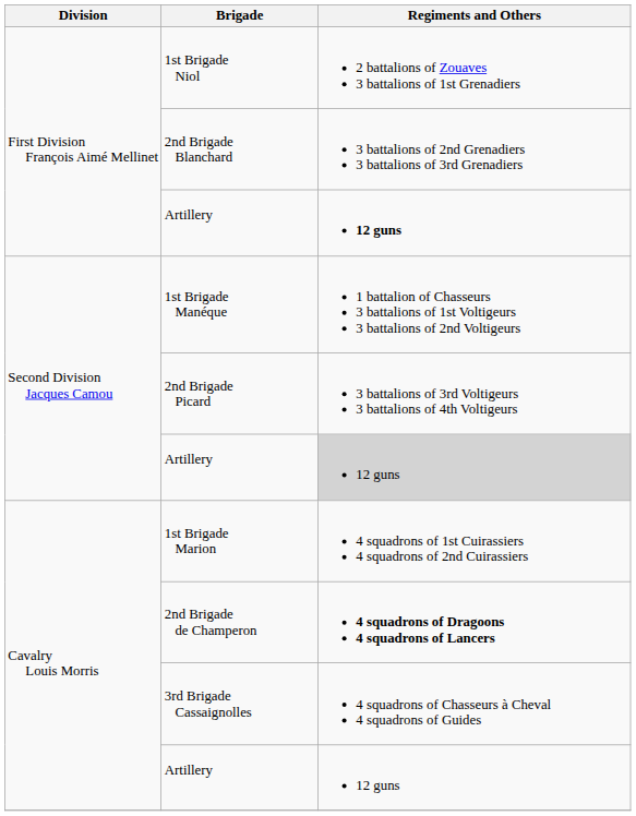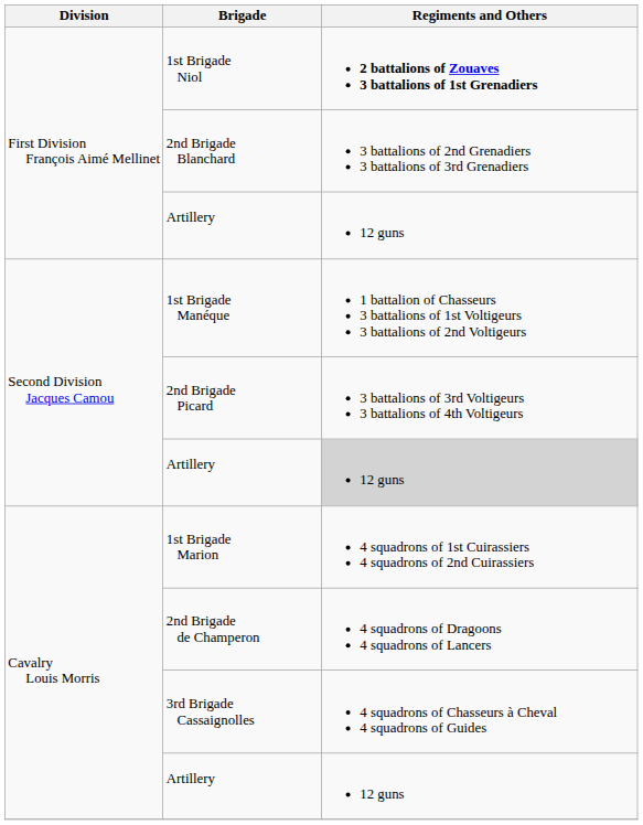 <table class="wikitable">
 <tr>
 <th width=25%>Division</th>
 <th width=25%>Brigade</th>
 <th>Regiments and Others</th>
 </tr>
 <tr>
 <td rowspan=3><br>First Division <br>     François Aimé Mellinet<br></td>
 <td>1st Brigade<br>   Niol</td>
-<td><br><ul><li>2 battalions of <a href='#'>Zouaves</a></li><li>3 battalions of 1st Grenadiers</li></ul></td>
+<td><strong><br><ul><li>2 battalions of <a href='#'>Zouaves</a></li><li>3 battalions of 1st Grenadiers</li></ul></strong></td>
 </tr>
 <tr>
 <td>2nd Brigade<br>   Blanchard</td>
 <td><br><ul><li>3 battalions of 2nd Grenadiers</li><li>3 battalions of 3rd Grenadiers</li></ul></td>
 </tr>
 <tr>
 <td>Artillery<br>  </td>
-<td><strong><br><ul><li>12 guns</li></ul></strong></td>
+<td><br><ul><li>12 guns</li></ul></td>
 </tr>
 <tr>
 <td rowspan=3><br>Second Division <br>     <a href='#'>Jacques Camou</a></td>
 <td>1st Brigade<br>   Manéque</td>
 <td><br><ul><li>1 battalion of Chasseurs</li><li>3 battalions of 1st Voltigeurs</li><li>3 battalions of 2nd Voltigeurs</li></ul></td>
 </tr>
 <tr>
 <td>2nd Brigade<br>   Picard</td>
 <td><br><ul><li>3 battalions of 3rd Voltigeurs</li><li>3 battalions of 4th Voltigeurs</li></ul></td>
 </tr>
 <tr>
 <td>Artillery<br>  </td>
 <td style="background: lightgrey;"><br><ul><li>12 guns</li></ul></td>
 </tr>
 <tr>
 <td rowspan=4><br>Cavalry <br>     Louis Morris</td>
 <td>1st Brigade<br>   Marion</td>
 <td><br><ul><li>4 squadrons of 1st Cuirassiers</li><li>4 squadrons of 2nd Cuirassiers</li></ul></td>
 </tr>
 <tr>
 <td>2nd Brigade<br>   de Champeron</td>
-<td><strong><br><ul><li>4 squadrons of Dragoons</li><li>4 squadrons of Lancers</li></ul></strong></td>
+<td><br><ul><li>4 squadrons of Dragoons</li><li>4 squadrons of Lancers</li></ul></td>
 </tr>
 <tr>
 <td>3rd Brigade<br>   Cassaignolles</td>
 <td><br><ul><li>4 squadrons of Chasseurs à Cheval</li><li>4 squadrons of Guides</li></ul></td>
 </tr>
 <tr>
 <td>Artillery<br>  </td>
 <td><br><ul><li>12 guns</li></ul></td>
 </tr>
 <tr>
 </tr>
 </table>
